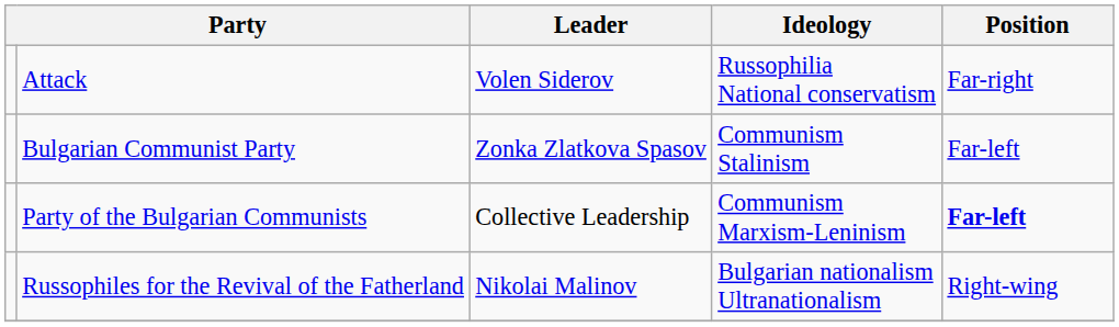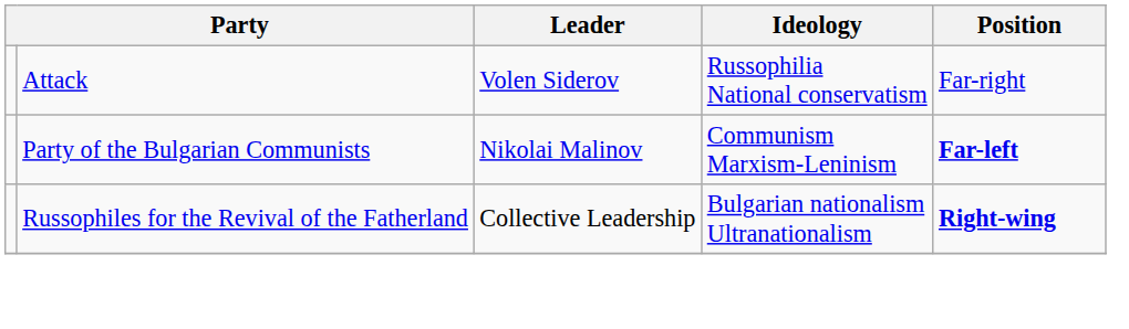 <table class="wikitable" style="font-size:95%; white-space: nowrap">
 <tr>
 <th style="width:200px" colspan="2">Party</th>
 <th style="width:100px">Leader</th>
 <th style="width:120px">Ideology</th>
 <th style="width:100px">Position</th>
 </tr>
 <tr>
 <td style="background:"></td>
 <td><a href='#'>Attack</a></td>
 <td><a href='#'>Volen Siderov</a></td>
 <td><a href='#'>Russophilia</a><br><a href='#'>National conservatism</a></td>
 <td><a href='#'>Far-right</a></td>
 </tr>
 <tr>
 <td></td>
-<td><a href='#'>Bulgarian Communist Party</a></td>
-<td><a href='#'>Zonka Zlatkova Spasov</a></td>
-<td><a href='#'>Communism</a><br><a href='#'>Stalinism</a></td>
-<td><a href='#'>Far-left</a></td>
-</tr>
-<tr>
-<td></td>
 <td><a href='#'>Party of the Bulgarian Communists</a></td>
-<td>Collective Leadership</td>
+<td><a href='#'>Nikolai Malinov</a></td>
 <td><a href='#'>Communism</a><br><a href='#'>Marxism-Leninism</a></td>
 <td><strong><a href='#'>Far-left</a></strong></td>
 </tr>
 <tr>
 <td></td>
 <td><a href='#'>Russophiles for the Revival of the Fatherland</a></td>
-<td><a href='#'>Nikolai Malinov</a></td>
+<td>Collective Leadership</td>
 <td><a href='#'>Bulgarian nationalism</a><br><a href='#'>Ultranationalism</a></td>
-<td><a href='#'>Right-wing</a></td>
+<td><strong><a href='#'>Right-wing</a></strong></td>
 </tr>
 <tr>
 </tr>
 </table>
